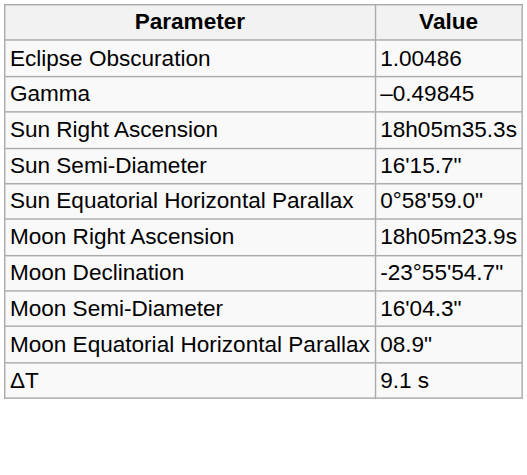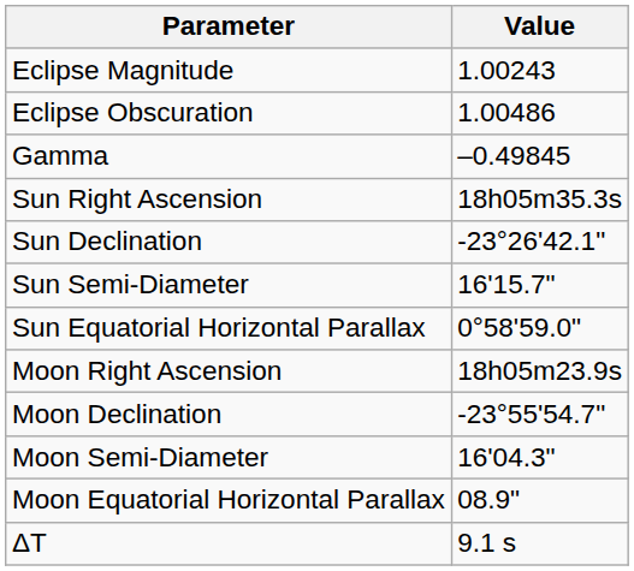 <table class="wikitable">
 <tr>
 <th>Parameter</th>
 <th>Value</th>
+</tr>
+<tr>
+<td>Eclipse Magnitude</td>
+<td>1.00243</td>
 </tr>
 <tr>
 <td>Eclipse Obscuration</td>
 <td>1.00486</td>
 </tr>
 <tr>
 <td>Gamma</td>
 <td>–0.49845</td>
 </tr>
 <tr>
 <td>Sun Right Ascension</td>
 <td>18h05m35.3s</td>
+</tr>
+<tr>
+<td>Sun Declination</td>
+<td>-23°26'42.1"</td>
 </tr>
 <tr>
 <td>Sun Semi-Diameter</td>
 <td>16'15.7"</td>
 </tr>
 <tr>
 <td>Sun Equatorial Horizontal Parallax</td>
 <td>0°58'59.0"</td>
 </tr>
 <tr>
 <td>Moon Right Ascension</td>
 <td>18h05m23.9s</td>
 </tr>
 <tr>
 <td>Moon Declination</td>
 <td>-23°55'54.7"</td>
 </tr>
 <tr>
 <td>Moon Semi-Diameter</td>
 <td>16'04.3"</td>
 </tr>
 <tr>
 <td>Moon Equatorial Horizontal Parallax</td>
 <td>08.9"</td>
 </tr>
 <tr>
 <td>ΔT</td>
 <td>9.1 s</td>
 </tr>
 </table>
